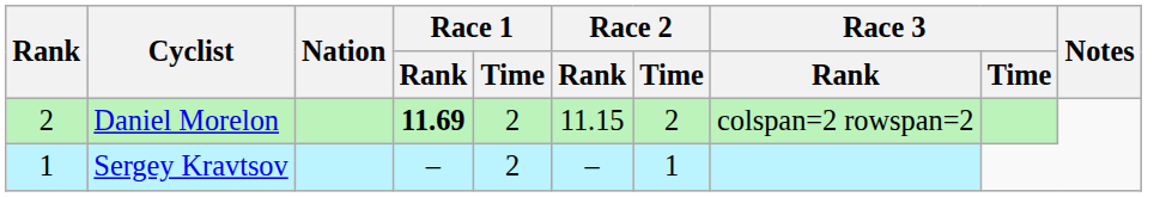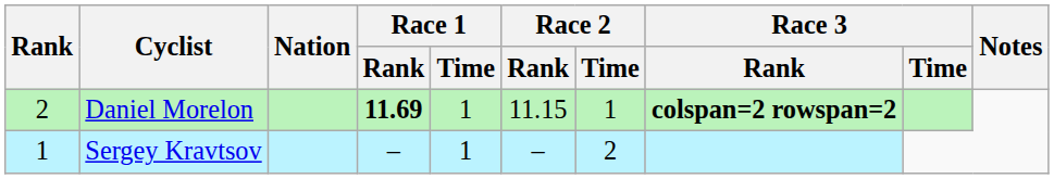 <table class="wikitable sortable" style="text-align:center">
 <tr>
 <th rowspan=2>Rank</th>
 <th rowspan=2>Cyclist</th>
 <th rowspan=2>Nation</th>
 <th colspan=2>Race 1</th>
 <th colspan=2>Race 2</th>
 <th colspan=2>Race 3</th>
 <th rowspan=2>Notes</th>
 </tr>
 <tr>
 <th>Rank</th>
 <th>Time</th>
 <th>Rank</th>
 <th>Time</th>
 <th>Rank</th>
 <th>Time</th>
 </tr>
 <tr bgcolor=bbf3bb>
 <td>2</td>
 <td align=left data-sort-value="Morelon, Daniel"><a href='#'>Daniel Morelon</a></td>
 <td align=left></td>
 <td><strong>11.69</strong></td>
-<td>2</td>
+<td>1</td>
 <td>11.15</td>
-<td>2</td>
-<td>colspan=2 rowspan=2 </td>
+<td>1</td>
+<td><strong>colspan=2 rowspan=2 </strong></td>
 <td></td>
 </tr>
 <tr bgcolor=bbf3ff>
 <td>1</td>
 <td align=left data-sort-value="Kravtsov, Sergey"><a href='#'>Sergey Kravtsov</a></td>
 <td align=left></td>
 <td>–</td>
+<td>1</td>
+<td>–</td>
 <td>2</td>
-<td>–</td>
-<td>1</td>
 <td></td>
 </tr>
 </table>
